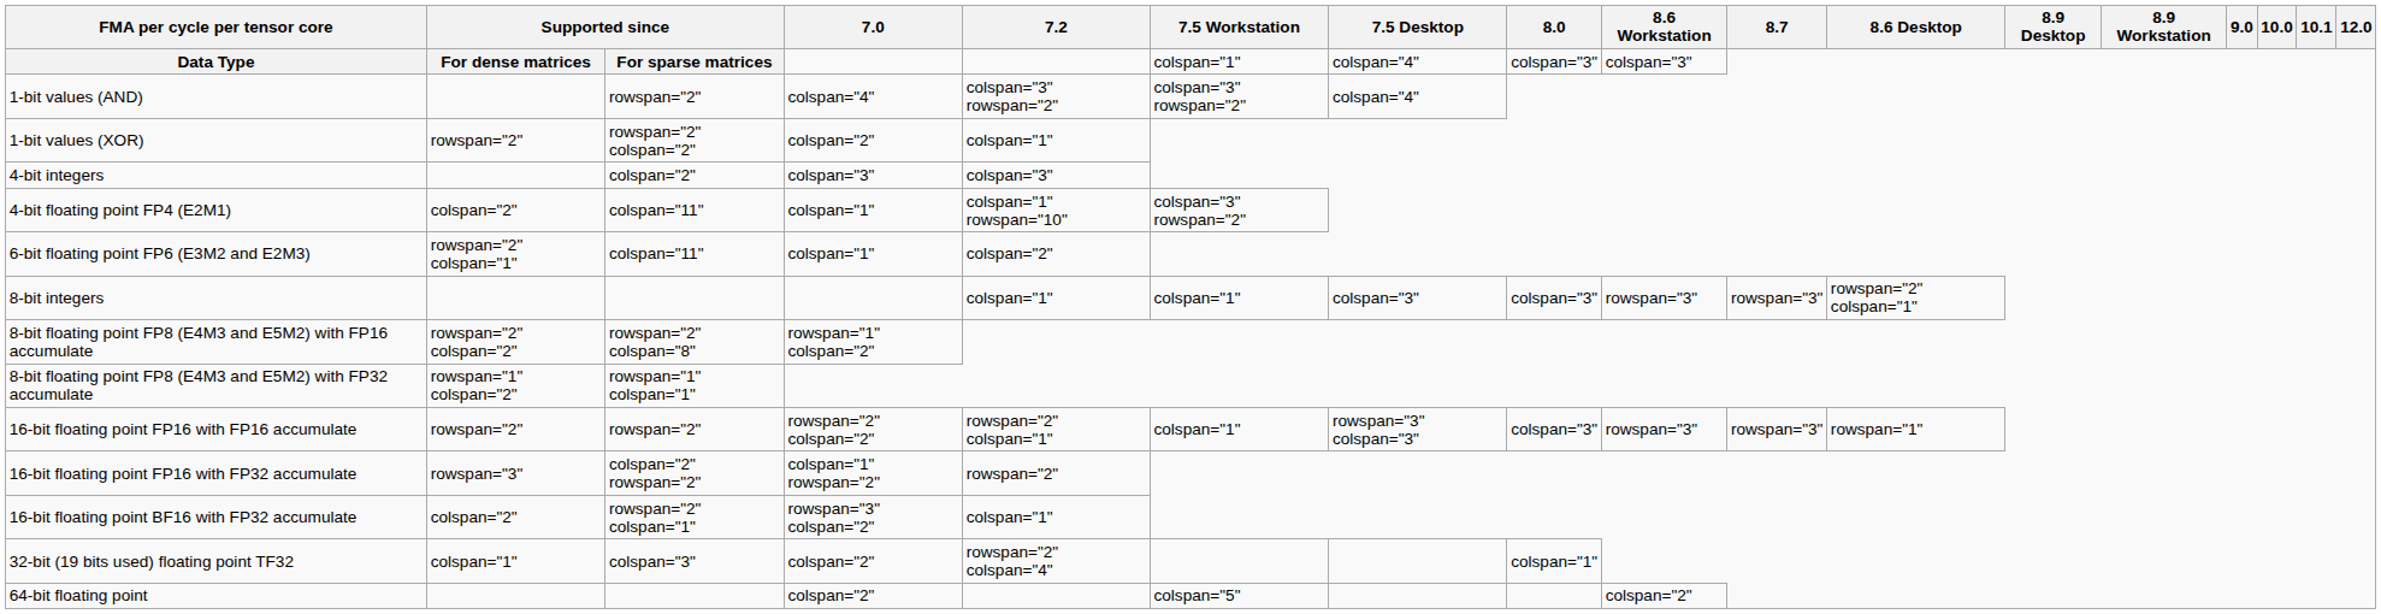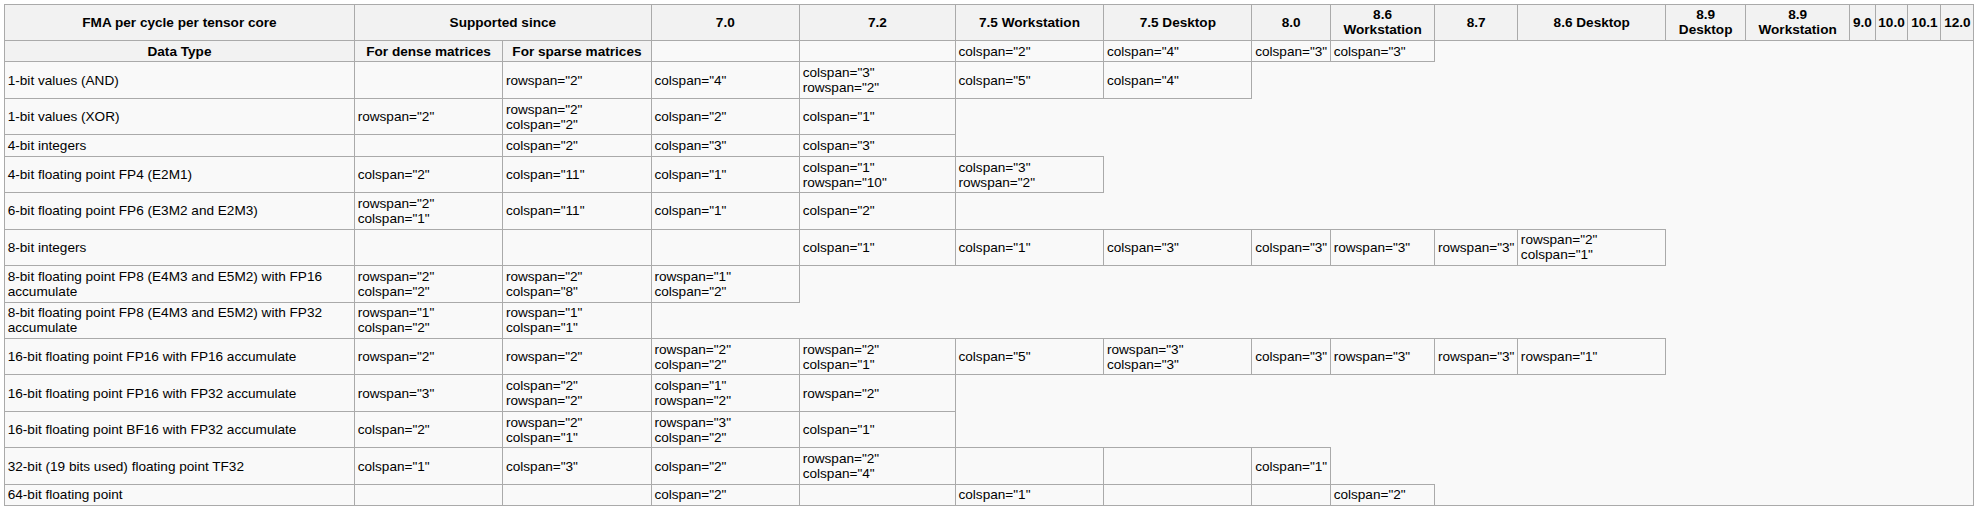 <table class="wikitable" style="font-size:85%;">
 <tr>
 <th>FMA per cycle per tensor core</th>
 <th colspan="2">Supported since</th>
 <th>7.0</th>
 <th>7.2</th>
 <th>7.5 Workstation</th>
 <th>7.5 Desktop</th>
 <th>8.0</th>
 <th>8.6 Workstation</th>
 <th>8.7</th>
 <th>8.6 Desktop</th>
 <th>8.9 Desktop</th>
 <th>8.9 Workstation</th>
 <th>9.0</th>
 <th>10.0</th>
 <th>10.1</th>
 <th>12.0</th>
 </tr>
 <tr>
 <th>Data Type</th>
 <th>For dense matrices</th>
 <th>For sparse matrices</th>
 <td></td>
 <td></td>
-<td>colspan="1" </td>
+<td>colspan="2" </td>
 <td>colspan="4" </td>
 <td>colspan="3" </td>
 <td>colspan="3" </td>
 </tr>
 <tr>
 <td>1-bit values (AND)</td>
 <td></td>
 <td>rowspan="2" </td>
 <td>colspan="4" </td>
 <td>colspan="3" rowspan="2" </td>
-<td>colspan="3" rowspan="2" </td>
+<td>colspan="5" </td>
 <td>colspan="4" </td>
 </tr>
 <tr>
 <td>1-bit values (XOR)</td>
 <td>rowspan="2" </td>
 <td>rowspan="2" colspan="2" </td>
 <td>colspan="2" </td>
 <td>colspan="1" </td>
 </tr>
 <tr>
 <td>4-bit integers</td>
 <td></td>
 <td>colspan="2" </td>
 <td>colspan="3" </td>
 <td>colspan="3" </td>
 </tr>
 <tr>
 <td>4-bit floating point FP4 (E2M1)</td>
 <td>colspan="2" </td>
 <td>colspan="11" </td>
 <td>colspan="1" </td>
 <td>colspan="1" rowspan="10" </td>
 <td>colspan="3" rowspan="2" </td>
 </tr>
 <tr>
 <td>6-bit floating point FP6 (E3M2 and E2M3)</td>
 <td>rowspan="2" colspan="1" </td>
 <td>colspan="11" </td>
 <td>colspan="1" </td>
 <td>colspan="2" </td>
 </tr>
 <tr>
 <td>8-bit integers</td>
 <td></td>
 <td></td>
 <td></td>
 <td>colspan="1" </td>
 <td>colspan="1" </td>
 <td>colspan="3" </td>
 <td>colspan="3" </td>
 <td>rowspan="3" </td>
 <td>rowspan="3" </td>
 <td>rowspan="2" colspan="1" </td>
 </tr>
 <tr>
 <td>8-bit floating point FP8 (E4M3 and E5M2) with FP16 accumulate</td>
 <td>rowspan="2" colspan="2" </td>
 <td>rowspan="2" colspan="8" </td>
 <td>rowspan="1" colspan="2" </td>
 </tr>
 <tr>
 <td>8-bit floating point FP8 (E4M3 and E5M2) with FP32 accumulate</td>
 <td>rowspan="1" colspan="2" </td>
 <td>rowspan="1" colspan="1" </td>
 </tr>
 <tr>
 <td>16-bit floating point FP16 with FP16 accumulate</td>
 <td>rowspan="2" </td>
 <td>rowspan="2" </td>
 <td>rowspan="2" colspan="2" </td>
 <td>rowspan="2" colspan="1" </td>
-<td>colspan="1" </td>
+<td>colspan="5" </td>
 <td>rowspan="3" colspan="3" </td>
 <td>colspan="3" </td>
 <td>rowspan="3" </td>
 <td>rowspan="3" </td>
 <td>rowspan="1" </td>
 </tr>
 <tr>
 <td>16-bit floating point FP16 with FP32 accumulate</td>
 <td>rowspan="3" </td>
 <td>colspan="2" rowspan="2" </td>
 <td>colspan="1" rowspan="2" </td>
 <td>rowspan="2" </td>
 </tr>
 <tr>
 <td>16-bit floating point BF16 with FP32 accumulate</td>
 <td>colspan="2" </td>
 <td>rowspan="2" colspan="1" </td>
 <td>rowspan="3" colspan="2" </td>
 <td>colspan="1" </td>
 </tr>
 <tr>
 <td>32-bit (19 bits used) floating point TF32</td>
 <td>colspan="1" </td>
 <td>colspan="3" </td>
 <td>colspan="2" </td>
 <td>rowspan="2" colspan="4" </td>
 <td></td>
 <td></td>
 <td>colspan="1" </td>
 </tr>
 <tr>
 <td>64-bit floating point</td>
 <td></td>
 <td></td>
 <td>colspan="2" </td>
 <td></td>
-<td>colspan="5" </td>
+<td>colspan="1" </td>
 <td></td>
 <td></td>
 <td>colspan="2" </td>
 </tr>
 </table>
